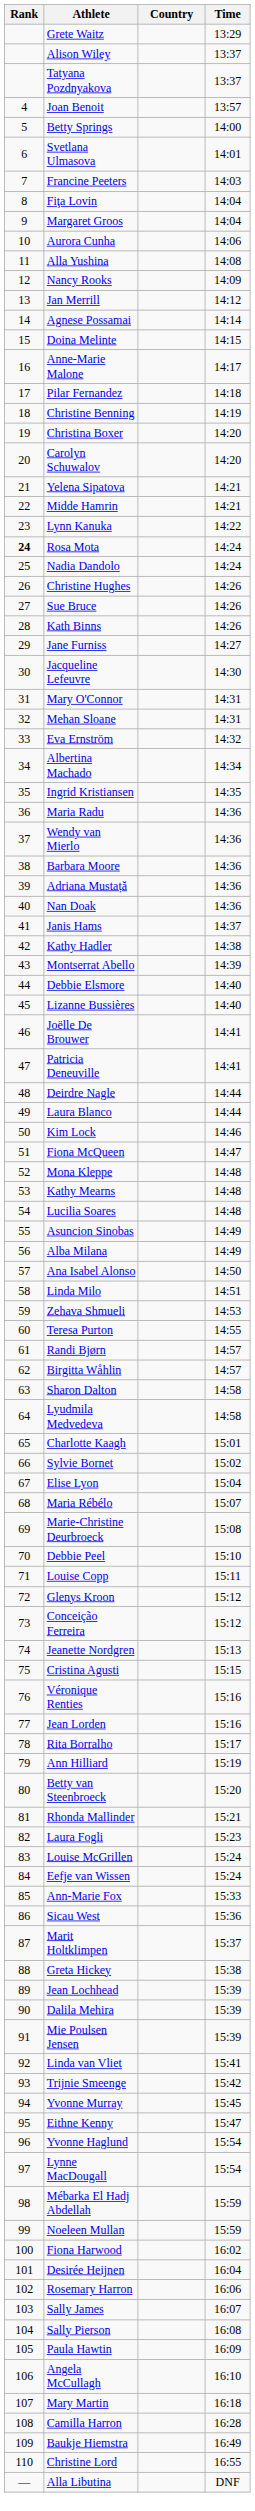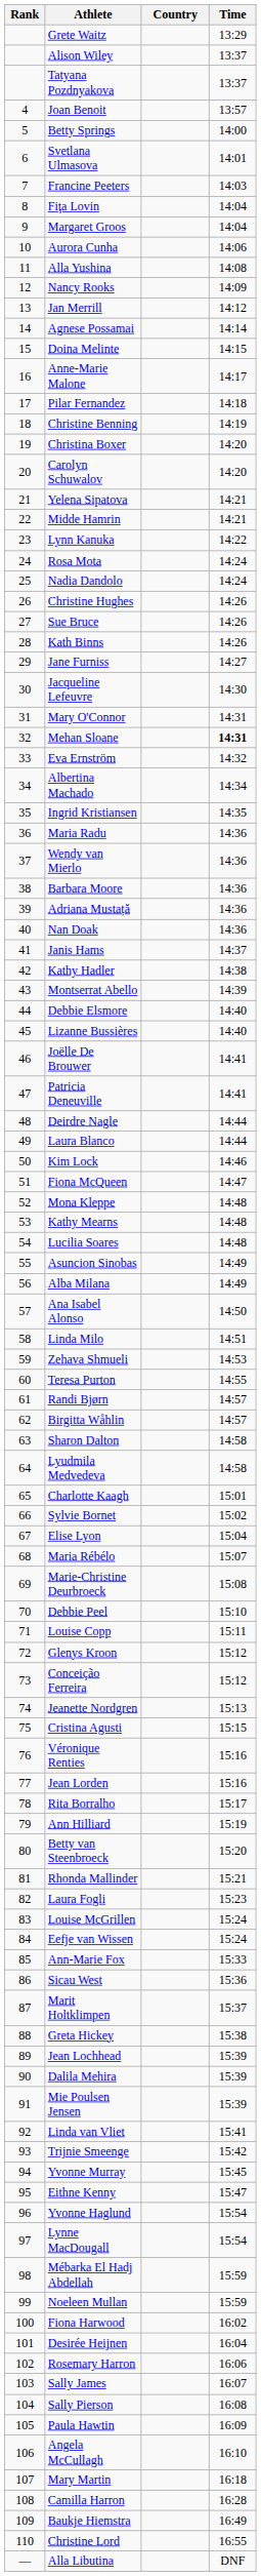 <table class="wikitable sortable" style=" text-align:center; font-size:95%;" width="50%">
 <tr>
 <th width=5%>Rank</th>
 <th width=20%>Athlete</th>
 <th width=15%>Country</th>
 <th width=10%>Time</th>
 </tr>
 <tr>
 <td align=center></td>
 <td align=left><a href='#'>Grete Waitz</a></td>
 <td align=left></td>
 <td>13:29</td>
 </tr>
 <tr>
 <td align=center></td>
 <td align=left><a href='#'>Alison Wiley</a></td>
 <td align=left></td>
 <td>13:37</td>
 </tr>
 <tr>
 <td align=center></td>
 <td align=left><a href='#'>Tatyana Pozdnyakova</a></td>
 <td align=left></td>
 <td>13:37</td>
 </tr>
 <tr>
 <td align=center>4</td>
 <td align=left><a href='#'>Joan Benoit</a></td>
 <td align=left></td>
 <td>13:57</td>
 </tr>
 <tr>
 <td align=center>5</td>
 <td align=left><a href='#'>Betty Springs</a></td>
 <td align=left></td>
 <td>14:00</td>
 </tr>
 <tr>
 <td align=center>6</td>
 <td align=left><a href='#'>Svetlana Ulmasova</a></td>
 <td align=left></td>
 <td>14:01</td>
 </tr>
 <tr>
 <td align=center>7</td>
 <td align=left><a href='#'>Francine Peeters</a></td>
 <td align=left></td>
 <td>14:03</td>
 </tr>
 <tr>
 <td align=center>8</td>
 <td align=left><a href='#'>Fiţa Lovin</a></td>
 <td align=left></td>
 <td>14:04</td>
 </tr>
 <tr>
 <td align=center>9</td>
 <td align=left><a href='#'>Margaret Groos</a></td>
 <td align=left></td>
 <td>14:04</td>
 </tr>
 <tr>
 <td align=center>10</td>
 <td align=left><a href='#'>Aurora Cunha</a></td>
 <td align=left></td>
 <td>14:06</td>
 </tr>
 <tr>
 <td align=center>11</td>
 <td align=left><a href='#'>Alla Yushina</a></td>
 <td align=left></td>
 <td>14:08</td>
 </tr>
 <tr>
 <td align=center>12</td>
 <td align=left><a href='#'>Nancy Rooks</a></td>
 <td align=left></td>
 <td>14:09</td>
 </tr>
 <tr>
 <td align=center>13</td>
 <td align=left><a href='#'>Jan Merrill</a></td>
 <td align=left></td>
 <td>14:12</td>
 </tr>
 <tr>
 <td align=center>14</td>
 <td align=left><a href='#'>Agnese Possamai</a></td>
 <td align=left></td>
 <td>14:14</td>
 </tr>
 <tr>
 <td align=center>15</td>
 <td align=left><a href='#'>Doina Melinte</a></td>
 <td align=left></td>
 <td>14:15</td>
 </tr>
 <tr>
 <td align=center>16</td>
 <td align=left><a href='#'>Anne-Marie Malone</a></td>
 <td align=left></td>
 <td>14:17</td>
 </tr>
 <tr>
 <td align=center>17</td>
 <td align=left><a href='#'>Pilar Fernandez</a></td>
 <td align=left></td>
 <td>14:18</td>
 </tr>
 <tr>
 <td align=center>18</td>
 <td align=left><a href='#'>Christine Benning</a></td>
 <td align=left></td>
 <td>14:19</td>
 </tr>
 <tr>
 <td align=center>19</td>
 <td align=left><a href='#'>Christina Boxer</a></td>
 <td align=left></td>
 <td>14:20</td>
 </tr>
 <tr>
 <td align=center>20</td>
 <td align=left><a href='#'>Carolyn Schuwalov</a></td>
 <td align=left></td>
 <td>14:20</td>
 </tr>
 <tr>
 <td align=center>21</td>
 <td align=left><a href='#'>Yelena Sipatova</a></td>
 <td align=left></td>
 <td>14:21</td>
 </tr>
 <tr>
 <td align=center>22</td>
 <td align=left><a href='#'>Midde Hamrin</a></td>
 <td align=left></td>
 <td>14:21</td>
 </tr>
 <tr>
 <td align=center>23</td>
 <td align=left><a href='#'>Lynn Kanuka</a></td>
 <td align=left></td>
 <td>14:22</td>
 </tr>
 <tr>
-<td align=center><strong>24</strong></td>
+<td align=center>24</td>
 <td align=left><a href='#'>Rosa Mota</a></td>
 <td align=left></td>
 <td>14:24</td>
 </tr>
 <tr>
 <td align=center>25</td>
 <td align=left><a href='#'>Nadia Dandolo</a></td>
 <td align=left></td>
 <td>14:24</td>
 </tr>
 <tr>
 <td align=center>26</td>
 <td align=left><a href='#'>Christine Hughes</a></td>
 <td align=left></td>
 <td>14:26</td>
 </tr>
 <tr>
 <td align=center>27</td>
 <td align=left><a href='#'>Sue Bruce</a></td>
 <td align=left></td>
 <td>14:26</td>
 </tr>
 <tr>
 <td align=center>28</td>
 <td align=left><a href='#'>Kath Binns</a></td>
 <td align=left></td>
 <td>14:26</td>
 </tr>
 <tr>
 <td align=center>29</td>
 <td align=left><a href='#'>Jane Furniss</a></td>
 <td align=left></td>
 <td>14:27</td>
 </tr>
 <tr>
 <td align=center>30</td>
 <td align=left><a href='#'>Jacqueline Lefeuvre</a></td>
 <td align=left></td>
 <td>14:30</td>
 </tr>
 <tr>
 <td align=center>31</td>
 <td align=left><a href='#'>Mary O'Connor</a></td>
 <td align=left></td>
 <td>14:31</td>
 </tr>
 <tr>
 <td align=center>32</td>
 <td align=left><a href='#'>Mehan Sloane</a></td>
 <td align=left></td>
-<td>14:31</td>
+<td><strong>14:31</strong></td>
 </tr>
 <tr>
 <td align=center>33</td>
 <td align=left><a href='#'>Eva Ernström</a></td>
 <td align=left></td>
 <td>14:32</td>
 </tr>
 <tr>
 <td align=center>34</td>
 <td align=left><a href='#'>Albertina Machado</a></td>
 <td align=left></td>
 <td>14:34</td>
 </tr>
 <tr>
 <td align=center>35</td>
 <td align=left><a href='#'>Ingrid Kristiansen</a></td>
 <td align=left></td>
 <td>14:35</td>
 </tr>
 <tr>
 <td align=center>36</td>
 <td align=left><a href='#'>Maria Radu</a></td>
 <td align=left></td>
 <td>14:36</td>
 </tr>
 <tr>
 <td align=center>37</td>
 <td align=left><a href='#'>Wendy van Mierlo</a></td>
 <td align=left></td>
 <td>14:36</td>
 </tr>
 <tr>
 <td align=center>38</td>
 <td align=left><a href='#'>Barbara Moore</a></td>
 <td align=left></td>
 <td>14:36</td>
 </tr>
 <tr>
 <td align=center>39</td>
 <td align=left><a href='#'>Adriana Mustață</a></td>
 <td align=left></td>
 <td>14:36</td>
 </tr>
 <tr>
 <td align=center>40</td>
 <td align=left><a href='#'>Nan Doak</a></td>
 <td align=left></td>
 <td>14:36</td>
 </tr>
 <tr>
 <td align=center>41</td>
 <td align=left><a href='#'>Janis Hams</a></td>
 <td align=left></td>
 <td>14:37</td>
 </tr>
 <tr>
 <td align=center>42</td>
 <td align=left><a href='#'>Kathy Hadler</a></td>
 <td align=left></td>
 <td>14:38</td>
 </tr>
 <tr>
 <td align=center>43</td>
 <td align=left><a href='#'>Montserrat Abello</a></td>
 <td align=left></td>
 <td>14:39</td>
 </tr>
 <tr>
 <td align=center>44</td>
 <td align=left><a href='#'>Debbie Elsmore</a></td>
 <td align=left></td>
 <td>14:40</td>
 </tr>
 <tr>
 <td align=center>45</td>
 <td align=left><a href='#'>Lizanne Bussières</a></td>
 <td align=left></td>
 <td>14:40</td>
 </tr>
 <tr>
 <td align=center>46</td>
 <td align=left><a href='#'>Joëlle De Brouwer</a></td>
 <td align=left></td>
 <td>14:41</td>
 </tr>
 <tr>
 <td align=center>47</td>
 <td align=left><a href='#'>Patricia Deneuville</a></td>
 <td align=left></td>
 <td>14:41</td>
 </tr>
 <tr>
 <td align=center>48</td>
 <td align=left><a href='#'>Deirdre Nagle</a></td>
 <td align=left></td>
 <td>14:44</td>
 </tr>
 <tr>
 <td align=center>49</td>
 <td align=left><a href='#'>Laura Blanco</a></td>
 <td align=left></td>
 <td>14:44</td>
 </tr>
 <tr>
 <td align=center>50</td>
 <td align=left><a href='#'>Kim Lock</a></td>
 <td align=left></td>
 <td>14:46</td>
 </tr>
 <tr>
 <td align=center>51</td>
 <td align=left><a href='#'>Fiona McQueen</a></td>
 <td align=left></td>
 <td>14:47</td>
 </tr>
 <tr>
 <td align=center>52</td>
 <td align=left><a href='#'>Mona Kleppe</a></td>
 <td align=left></td>
 <td>14:48</td>
 </tr>
 <tr>
 <td align=center>53</td>
 <td align=left><a href='#'>Kathy Mearns</a></td>
 <td align=left></td>
 <td>14:48</td>
 </tr>
 <tr>
 <td align=center>54</td>
 <td align=left><a href='#'>Lucilia Soares</a></td>
 <td align=left></td>
 <td>14:48</td>
 </tr>
 <tr>
 <td align=center>55</td>
 <td align=left><a href='#'>Asuncion Sinobas</a></td>
 <td align=left></td>
 <td>14:49</td>
 </tr>
 <tr>
 <td align=center>56</td>
 <td align=left><a href='#'>Alba Milana</a></td>
 <td align=left></td>
 <td>14:49</td>
 </tr>
 <tr>
 <td align=center>57</td>
 <td align=left><a href='#'>Ana Isabel Alonso</a></td>
 <td align=left></td>
 <td>14:50</td>
 </tr>
 <tr>
 <td align=center>58</td>
 <td align=left><a href='#'>Linda Milo</a></td>
 <td align=left></td>
 <td>14:51</td>
 </tr>
 <tr>
 <td align=center>59</td>
 <td align=left><a href='#'>Zehava Shmueli</a></td>
 <td align=left></td>
 <td>14:53</td>
 </tr>
 <tr>
 <td align=center>60</td>
 <td align=left><a href='#'>Teresa Purton</a></td>
 <td align=left></td>
 <td>14:55</td>
 </tr>
 <tr>
 <td align=center>61</td>
 <td align=left><a href='#'>Randi Bjørn</a></td>
 <td align=left></td>
 <td>14:57</td>
 </tr>
 <tr>
 <td align=center>62</td>
 <td align=left><a href='#'>Birgitta Wåhlin</a></td>
 <td align=left></td>
 <td>14:57</td>
 </tr>
 <tr>
 <td align=center>63</td>
 <td align=left><a href='#'>Sharon Dalton</a></td>
 <td align=left></td>
 <td>14:58</td>
 </tr>
 <tr>
 <td align=center>64</td>
 <td align=left><a href='#'>Lyudmila Medvedeva</a></td>
 <td align=left></td>
 <td>14:58</td>
 </tr>
 <tr>
 <td align=center>65</td>
 <td align=left><a href='#'>Charlotte Kaagh</a></td>
 <td align=left></td>
 <td>15:01</td>
 </tr>
 <tr>
 <td align=center>66</td>
 <td align=left><a href='#'>Sylvie Bornet</a></td>
 <td align=left></td>
 <td>15:02</td>
 </tr>
 <tr>
 <td align=center>67</td>
 <td align=left><a href='#'>Elise Lyon</a></td>
 <td align=left></td>
 <td>15:04</td>
 </tr>
 <tr>
 <td align=center>68</td>
 <td align=left><a href='#'>Maria Rébélo</a></td>
 <td align=left></td>
 <td>15:07</td>
 </tr>
 <tr>
 <td align=center>69</td>
 <td align=left><a href='#'>Marie-Christine Deurbroeck</a></td>
 <td align=left></td>
 <td>15:08</td>
 </tr>
 <tr>
 <td align=center>70</td>
 <td align=left><a href='#'>Debbie Peel</a></td>
 <td align=left></td>
 <td>15:10</td>
 </tr>
 <tr>
 <td align=center>71</td>
 <td align=left><a href='#'>Louise Copp</a></td>
 <td align=left></td>
 <td>15:11</td>
 </tr>
 <tr>
 <td align=center>72</td>
 <td align=left><a href='#'>Glenys Kroon</a></td>
 <td align=left></td>
 <td>15:12</td>
 </tr>
 <tr>
 <td align=center>73</td>
 <td align=left><a href='#'>Conceição Ferreira</a></td>
 <td align=left></td>
 <td>15:12</td>
 </tr>
 <tr>
 <td align=center>74</td>
 <td align=left><a href='#'>Jeanette Nordgren</a></td>
 <td align=left></td>
 <td>15:13</td>
 </tr>
 <tr>
 <td align=center>75</td>
 <td align=left><a href='#'>Cristina Agusti</a></td>
 <td align=left></td>
 <td>15:15</td>
 </tr>
 <tr>
 <td align=center>76</td>
 <td align=left><a href='#'>Véronique Renties</a></td>
 <td align=left></td>
 <td>15:16</td>
 </tr>
 <tr>
 <td align=center>77</td>
 <td align=left><a href='#'>Jean Lorden</a></td>
 <td align=left></td>
 <td>15:16</td>
 </tr>
 <tr>
 <td align=center>78</td>
 <td align=left><a href='#'>Rita Borralho</a></td>
 <td align=left></td>
 <td>15:17</td>
 </tr>
 <tr>
 <td align=center>79</td>
 <td align=left><a href='#'>Ann Hilliard</a></td>
 <td align=left></td>
 <td>15:19</td>
 </tr>
 <tr>
 <td align=center>80</td>
 <td align=left><a href='#'>Betty van Steenbroeck</a></td>
 <td align=left></td>
 <td>15:20</td>
 </tr>
 <tr>
 <td align=center>81</td>
 <td align=left><a href='#'>Rhonda Mallinder</a></td>
 <td align=left></td>
 <td>15:21</td>
 </tr>
 <tr>
 <td align=center>82</td>
 <td align=left><a href='#'>Laura Fogli</a></td>
 <td align=left></td>
 <td>15:23</td>
 </tr>
 <tr>
 <td align=center>83</td>
 <td align=left><a href='#'>Louise McGrillen</a></td>
 <td align=left></td>
 <td>15:24</td>
 </tr>
 <tr>
 <td align=center>84</td>
 <td align=left><a href='#'>Eefje van Wissen</a></td>
 <td align=left></td>
 <td>15:24</td>
 </tr>
 <tr>
 <td align=center>85</td>
 <td align=left><a href='#'>Ann-Marie Fox</a></td>
 <td align=left></td>
 <td>15:33</td>
 </tr>
 <tr>
 <td align=center>86</td>
 <td align=left><a href='#'>Sicau West</a></td>
 <td align=left></td>
 <td>15:36</td>
 </tr>
 <tr>
 <td align=center>87</td>
 <td align=left><a href='#'>Marit Holtklimpen</a></td>
 <td align=left></td>
 <td>15:37</td>
 </tr>
 <tr>
 <td align=center>88</td>
 <td align=left><a href='#'>Greta Hickey</a></td>
 <td align=left></td>
 <td>15:38</td>
 </tr>
 <tr>
 <td align=center>89</td>
 <td align=left><a href='#'>Jean Lochhead</a></td>
 <td align=left></td>
 <td>15:39</td>
 </tr>
 <tr>
 <td align=center>90</td>
 <td align=left><a href='#'>Dalila Mehira</a></td>
 <td align=left></td>
 <td>15:39</td>
 </tr>
 <tr>
 <td align=center>91</td>
 <td align=left><a href='#'>Mie Poulsen Jensen</a></td>
 <td align=left></td>
 <td>15:39</td>
 </tr>
 <tr>
 <td align=center>92</td>
 <td align=left><a href='#'>Linda van Vliet</a></td>
 <td align=left></td>
 <td>15:41</td>
 </tr>
 <tr>
 <td align=center>93</td>
 <td align=left><a href='#'>Trijnie Smeenge</a></td>
 <td align=left></td>
 <td>15:42</td>
 </tr>
 <tr>
 <td align=center>94</td>
 <td align=left><a href='#'>Yvonne Murray</a></td>
 <td align=left></td>
 <td>15:45</td>
 </tr>
 <tr>
 <td align=center>95</td>
 <td align=left><a href='#'>Eithne Kenny</a></td>
 <td align=left></td>
 <td>15:47</td>
 </tr>
 <tr>
 <td align=center>96</td>
 <td align=left><a href='#'>Yvonne Haglund</a></td>
 <td align=left></td>
 <td>15:54</td>
 </tr>
 <tr>
 <td align=center>97</td>
 <td align=left><a href='#'>Lynne MacDougall</a></td>
 <td align=left></td>
 <td>15:54</td>
 </tr>
 <tr>
 <td align=center>98</td>
 <td align=left><a href='#'>Mébarka El Hadj Abdellah</a></td>
 <td align=left></td>
 <td>15:59</td>
 </tr>
 <tr>
 <td align=center>99</td>
 <td align=left><a href='#'>Noeleen Mullan</a></td>
 <td align=left></td>
 <td>15:59</td>
 </tr>
 <tr>
 <td align=center>100</td>
 <td align=left><a href='#'>Fiona Harwood</a></td>
 <td align=left></td>
 <td>16:02</td>
 </tr>
 <tr>
 <td align=center>101</td>
 <td align=left><a href='#'>Desirée Heijnen</a></td>
 <td align=left></td>
 <td>16:04</td>
 </tr>
 <tr>
 <td align=center>102</td>
 <td align=left><a href='#'>Rosemary Harron</a></td>
 <td align=left></td>
 <td>16:06</td>
 </tr>
 <tr>
 <td align=center>103</td>
 <td align=left><a href='#'>Sally James</a></td>
 <td align=left></td>
 <td>16:07</td>
 </tr>
 <tr>
 <td align=center>104</td>
 <td align=left><a href='#'>Sally Pierson</a></td>
 <td align=left></td>
 <td>16:08</td>
 </tr>
 <tr>
 <td align=center>105</td>
 <td align=left><a href='#'>Paula Hawtin</a></td>
 <td align=left></td>
 <td>16:09</td>
 </tr>
 <tr>
 <td align=center>106</td>
 <td align=left><a href='#'>Angela McCullagh</a></td>
 <td align=left></td>
 <td>16:10</td>
 </tr>
 <tr>
 <td align=center>107</td>
 <td align=left><a href='#'>Mary Martin</a></td>
 <td align=left></td>
 <td>16:18</td>
 </tr>
 <tr>
 <td align=center>108</td>
 <td align=left><a href='#'>Camilla Harron</a></td>
 <td align=left></td>
 <td>16:28</td>
 </tr>
 <tr>
 <td align=center>109</td>
 <td align=left><a href='#'>Baukje Hiemstra</a></td>
 <td align=left></td>
 <td>16:49</td>
 </tr>
 <tr>
 <td align=center>110</td>
 <td align=left><a href='#'>Christine Lord</a></td>
 <td align=left></td>
 <td>16:55</td>
 </tr>
 <tr>
 <td align=center>—</td>
 <td align=left><a href='#'>Alla Libutina</a></td>
 <td align=left></td>
 <td>DNF</td>
 </tr>
 </table>
